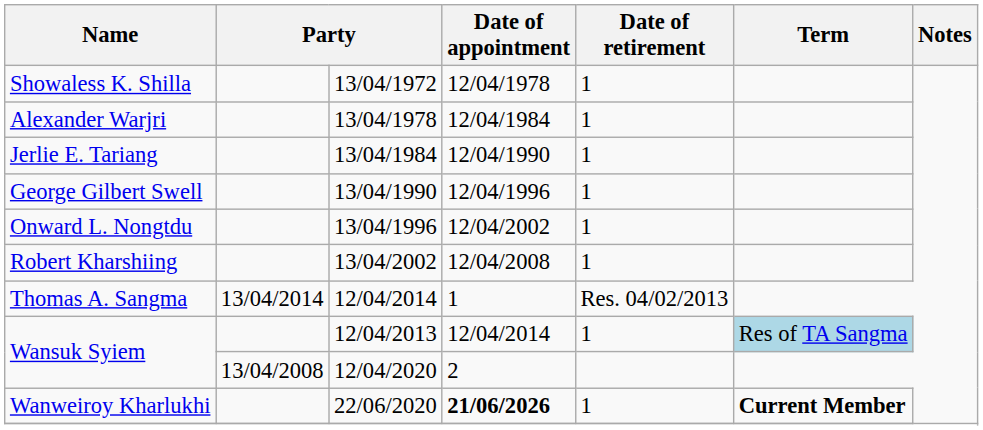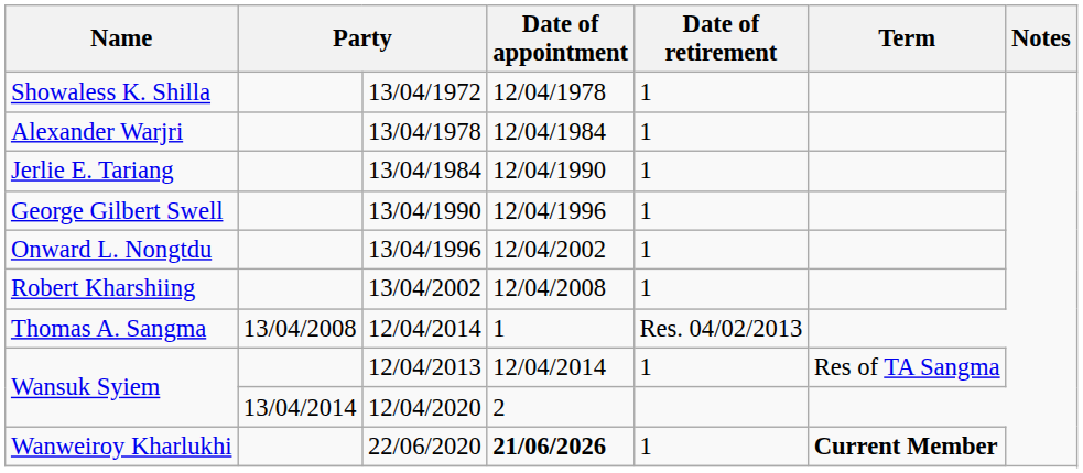 <table class="wikitable sortable">
 <tr>
 <th>Name</th>
 <th colspan=2>Party</th>
 <th>Date of<br>appointment</th>
 <th>Date of<br>retirement</th>
 <th>Term</th>
 <th>Notes</th>
 </tr>
 <tr>
 <td><a href='#'>Showaless K. Shilla</a></td>
 <td></td>
 <td>13/04/1972</td>
 <td>12/04/1978</td>
 <td>1</td>
 <td></td>
 </tr>
 <tr>
 <td><a href='#'>Alexander Warjri</a></td>
 <td></td>
 <td>13/04/1978</td>
 <td>12/04/1984</td>
 <td>1</td>
 <td></td>
 </tr>
 <tr>
 <td><a href='#'>Jerlie E. Tariang</a></td>
 <td></td>
 <td>13/04/1984</td>
 <td>12/04/1990</td>
 <td>1</td>
 <td></td>
 </tr>
 <tr>
 <td><a href='#'>George Gilbert Swell</a></td>
 <td></td>
 <td>13/04/1990</td>
 <td>12/04/1996</td>
 <td>1</td>
 <td></td>
 </tr>
 <tr>
 <td><a href='#'>Onward L. Nongtdu</a></td>
 <td></td>
 <td>13/04/1996</td>
 <td>12/04/2002</td>
 <td>1</td>
 <td></td>
 </tr>
 <tr>
 <td><a href='#'>Robert Kharshiing</a></td>
 <td></td>
 <td>13/04/2002</td>
 <td>12/04/2008</td>
 <td>1</td>
 <td></td>
 </tr>
 <tr>
 <td><a href='#'>Thomas A. Sangma</a></td>
-<td>13/04/2014</td>
+<td>13/04/2008</td>
 <td>12/04/2014</td>
 <td>1</td>
 <td>Res. 04/02/2013 </td>
 </tr>
 <tr>
 <td rowspan=2><a href='#'>Wansuk Syiem</a></td>
 <td></td>
 <td>12/04/2013</td>
 <td>12/04/2014</td>
 <td>1</td>
-<td style="background: lightblue;">Res of <a href='#'>TA Sangma</a></td>
+<td>Res of <a href='#'>TA Sangma</a></td>
 </tr>
 <tr>
-<td>13/04/2008</td>
+<td>13/04/2014</td>
 <td>12/04/2020</td>
 <td>2</td>
 <td></td>
 </tr>
 <tr>
 <td><a href='#'>Wanweiroy Kharlukhi</a> </td>
 <td></td>
 <td>22/06/2020</td>
 <td><strong>21/06/2026</strong></td>
 <td>1</td>
 <td><strong>Current Member</strong> </td>
 </tr>
 <tr>
 </tr>
 </table>
